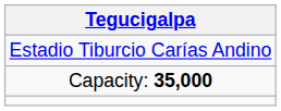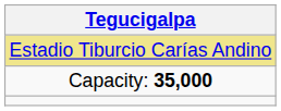 <table class="wikitable">
 <tr>
 <th><a href='#'>Tegucigalpa</a></th>
 </tr>
 <tr align=center>
-<td><a href='#'>Estadio Tiburcio Carías Andino</a></td>
+<td style="background: khaki;"><a href='#'>Estadio Tiburcio Carías Andino</a></td>
 </tr>
 <tr align=center>
 <td>Capacity: <strong>35,000</strong></td>
 </tr>
 <tr align=center>
 <td></td>
 </tr>
 </table>
